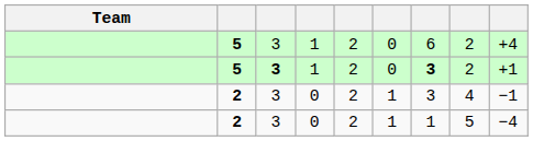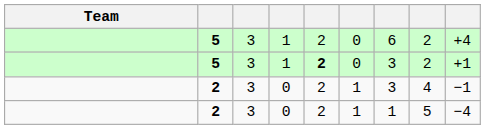 <table class="wikitable" style="text-align: center;">
 <tr>
 <th width="165">Team</th>
 <th width="25"></th>
 <th width="25"></th>
 <th width="25"></th>
 <th width="25"></th>
 <th width="25"></th>
 <th width="25"></th>
 <th width="25"></th>
 <th width="25"></th>
 </tr>
 <tr bgcolor=#ccffcc>
 <td align="left"></td>
 <td><strong>5</strong></td>
 <td>3</td>
 <td>1</td>
 <td>2</td>
 <td>0</td>
 <td>6</td>
 <td>2</td>
 <td>+4</td>
 </tr>
 <tr bgcolor=#ccffcc>
 <td align="left"></td>
 <td><strong>5</strong></td>
-<td><strong>3</strong></td>
+<td>3</td>
 <td>1</td>
-<td>2</td>
+<td><strong>2</strong></td>
 <td>0</td>
-<td><strong>3</strong></td>
+<td>3</td>
 <td>2</td>
 <td>+1</td>
 </tr>
 <tr>
 <td align=left></td>
 <td><strong>2</strong></td>
 <td>3</td>
 <td>0</td>
 <td>2</td>
 <td>1</td>
 <td>3</td>
 <td>4</td>
 <td>−1</td>
 </tr>
 <tr>
 <td align=left></td>
 <td><strong>2</strong></td>
 <td>3</td>
 <td>0</td>
 <td>2</td>
 <td>1</td>
 <td>1</td>
 <td>5</td>
 <td>−4</td>
 </tr>
 </table>
